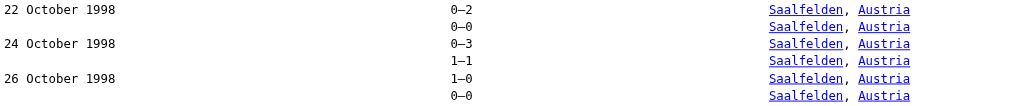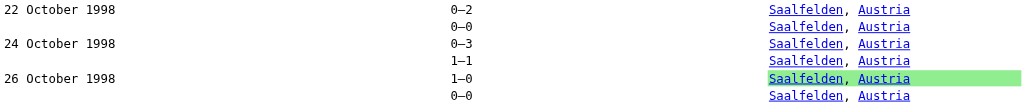 <table cellspacing=1 width=85%>
 <tr>
 <th width=15%></th>
 <th width=25%></th>
 <th width=10%></th>
 <th width=25%></th>
 <th width=25%></th>
 </tr>
 <tr>
 <td>22 October 1998</td>
 <td align=right></td>
 <td align=center>0–2</td>
 <td></td>
 <td><a href='#'>Saalfelden</a>, <a href='#'>Austria</a></td>
 </tr>
 <tr>
 <td></td>
 <td align=right></td>
 <td align=center>0–0</td>
 <td></td>
 <td><a href='#'>Saalfelden</a>, <a href='#'>Austria</a></td>
 </tr>
 <tr>
 <td>24 October 1998</td>
 <td align=right></td>
 <td align=center>0–3</td>
 <td></td>
 <td><a href='#'>Saalfelden</a>, <a href='#'>Austria</a></td>
 </tr>
 <tr>
 <td></td>
 <td align=right></td>
 <td align=center>1–1</td>
 <td></td>
 <td><a href='#'>Saalfelden</a>, <a href='#'>Austria</a></td>
 </tr>
 <tr>
 <td>26 October 1998</td>
 <td align=right></td>
 <td align=center>1–0</td>
 <td></td>
-<td><a href='#'>Saalfelden</a>, <a href='#'>Austria</a></td>
+<td style="background: lightgreen;"><a href='#'>Saalfelden</a>, <a href='#'>Austria</a></td>
 </tr>
 <tr>
 <td></td>
 <td align=right></td>
 <td align=center>0–0</td>
 <td></td>
 <td><a href='#'>Saalfelden</a>, <a href='#'>Austria</a></td>
 </tr>
 </table>
